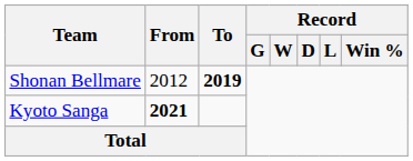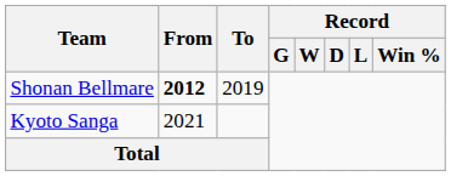 <table class="wikitable" style="text-align: center">
 <tr>
 <th rowspan="2">Team</th>
 <th rowspan="2">From</th>
 <th rowspan="2">To</th>
 <th colspan="5">Record</th>
 </tr>
 <tr>
 <th>G</th>
 <th>W</th>
 <th>D</th>
 <th>L</th>
 <th>Win %</th>
 </tr>
 <tr>
 <td align="left"><a href='#'>Shonan Bellmare</a></td>
-<td align="left">2012</td>
-<td align="left"><strong>2019<br></strong></td>
+<td align="left"><strong>2012</strong></td>
+<td align="left">2019<br></td>
 </tr>
 <tr>
 <td align="left"><a href='#'>Kyoto Sanga</a></td>
-<td align="left"><strong>2021</strong></td>
+<td align="left">2021</td>
 <td align="left"><br></td>
 </tr>
 <tr>
 <th colspan="3">Total<br></th>
 </tr>
 </table>
